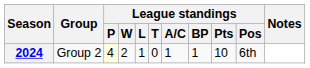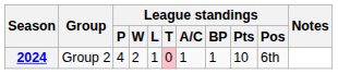 <table class="wikitable sortable">
 <tr>
 <th scope="col" rowspan="2">Season</th>
 <th scope="col" rowspan="2">Group</th>
 <th scope="col" colspan="8">League standings</th>
 <th scope="col" rowspan="2">Notes</th>
 </tr>
 <tr>
 <th scope="col">P</th>
 <th scope="col">W</th>
 <th scope="col">L</th>
 <th scope="col">T</th>
 <th scope="col">A/C</th>
 <th scope="col">BP</th>
 <th scope="col">Pts</th>
 <th scope="col">Pos</th>
 </tr>
 <tr>
 <th scope="row"><a href='#'>2024</a></th>
 <td>Group 2</td>
-<td style="background: lightyellow;">4</td>
+<td>4</td>
 <td>2</td>
 <td>1</td>
-<td>0</td>
+<td style="background: pink;">0</td>
 <td>1</td>
 <td>1</td>
 <td>10</td>
 <td>6th</td>
 <td style="background: white;"></td>
 </tr>
 </table>
